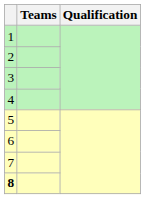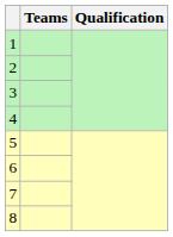 <table class="wikitable">
 <tr>
 <th scope=col></th>
 <th>Teams</th>
 <th>Qualification</th>
 </tr>
 <tr style="background:#BBF3BB">
 <td>1</td>
 <td></td>
 <td rowspan="4"></td>
 </tr>
 <tr style="background:#BBF3BB">
 <td>2</td>
 <td></td>
 </tr>
 <tr style="background:#BBF3BB">
 <td>3</td>
 <td></td>
 </tr>
 <tr style="background:#BBF3BB">
 <td>4</td>
 <td></td>
 </tr>
 <tr style="background:#FFFFBB">
 <td>5</td>
 <td></td>
 <td rowspan="4"></td>
 </tr>
 <tr style="background:#FFFFBB">
 <td>6</td>
 <td></td>
 </tr>
 <tr style="background:#FFFFBB">
 <td>7</td>
 <td></td>
 </tr>
 <tr style="background:#FFFFBB">
-<td><strong>8</strong></td>
+<td>8</td>
 <td></td>
 </tr>
 </table>
